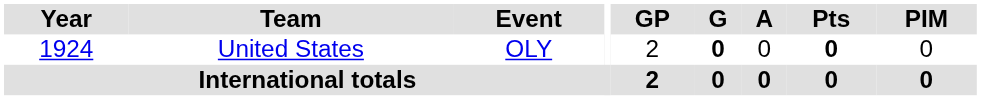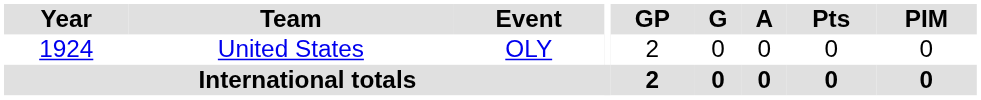 <table border="0" cellpadding="1" cellspacing="0" ID="Table3" style="text-align:center; width:40em">
 <tr bgcolor="#e0e0e0">
 <th>Year</th>
 <th>Team</th>
 <th>Event</th>
 <th rowspan="102" bgcolor="#ffffff"></th>
 <th>GP</th>
 <th>G</th>
 <th>A</th>
 <th>Pts</th>
 <th>PIM</th>
 </tr>
 <tr>
 <td><a href='#'>1924</a></td>
 <td><a href='#'>United States</a></td>
 <td><a href='#'>OLY</a></td>
 <td>2</td>
-<td><strong>0</strong></td>
 <td>0</td>
-<td><strong>0</strong></td>
+<td>0</td>
+<td>0</td>
 <td>0</td>
 </tr>
 <tr bgcolor="#e0e0e0">
 <th colspan="4">International totals</th>
 <th>2</th>
 <th>0</th>
 <th>0</th>
 <th>0</th>
 <th>0</th>
 </tr>
 </table>
